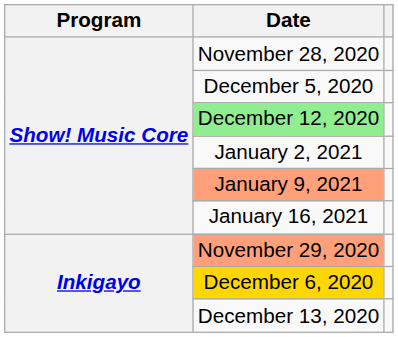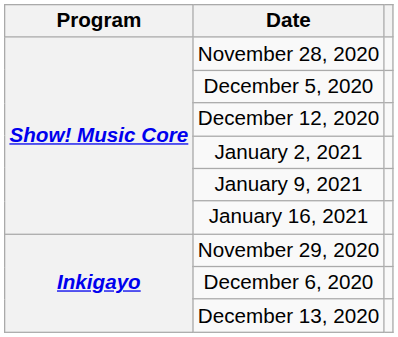 <table class="sortable wikitable plainrowheaders" style="text-align:center;">
 <tr>
 <th scope="col">Program</th>
 <th scope="col">Date</th>
 <th scope="col" class="unsortable"></th>
 </tr>
 <tr>
 <th scope="row" rowspan="6"><em><a href='#'>Show! Music Core</a></em></th>
 <td>November 28, 2020</td>
 <td></td>
 </tr>
 <tr>
 <td>December 5, 2020</td>
 <td></td>
 </tr>
 <tr>
-<td style="background: lightgreen;">December 12, 2020</td>
+<td>December 12, 2020</td>
 <td></td>
 </tr>
 <tr>
 <td>January 2, 2021</td>
 <td></td>
 </tr>
 <tr>
-<td style="background: lightsalmon;">January 9, 2021</td>
+<td>January 9, 2021</td>
 <td></td>
 </tr>
 <tr>
 <td>January 16, 2021</td>
 <td></td>
 </tr>
 <tr>
 <th scope="row" rowspan="3"><em><a href='#'>Inkigayo</a></em></th>
-<td style="background: lightsalmon;">November 29, 2020</td>
+<td>November 29, 2020</td>
 <td></td>
 </tr>
 <tr>
-<td style="background: gold;">December 6, 2020</td>
+<td>December 6, 2020</td>
 <td></td>
 </tr>
 <tr>
 <td>December 13, 2020</td>
 <td></td>
 </tr>
 </table>
